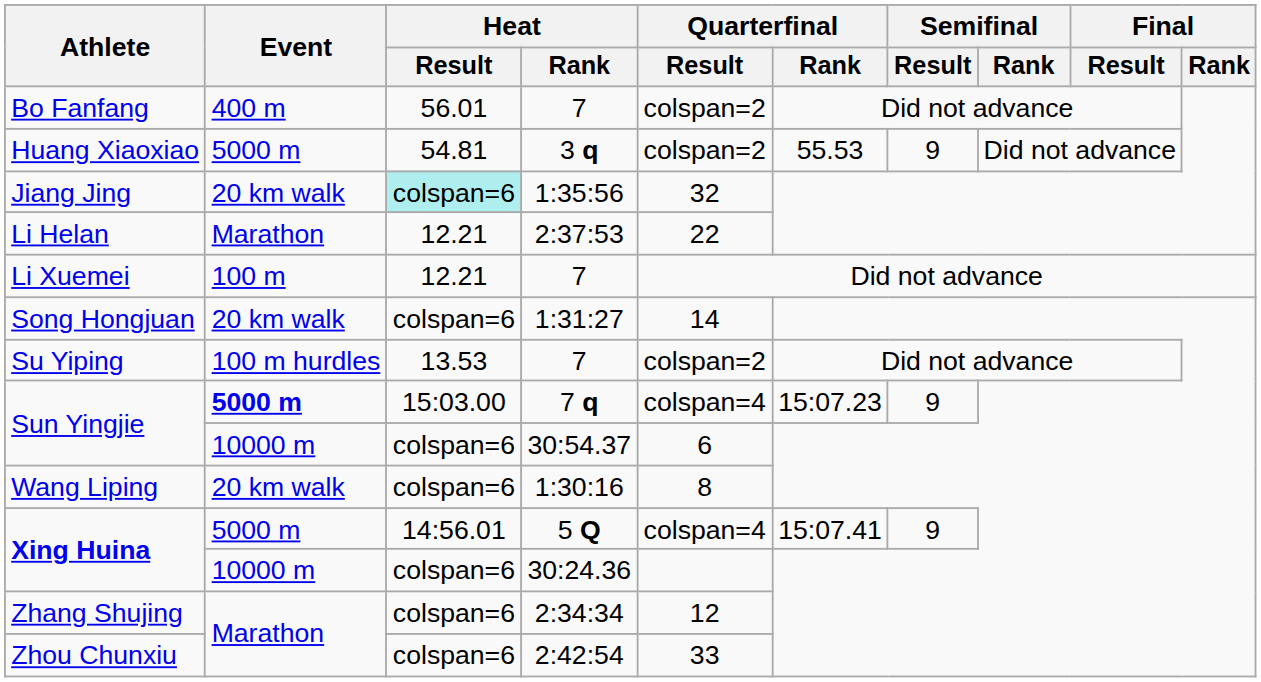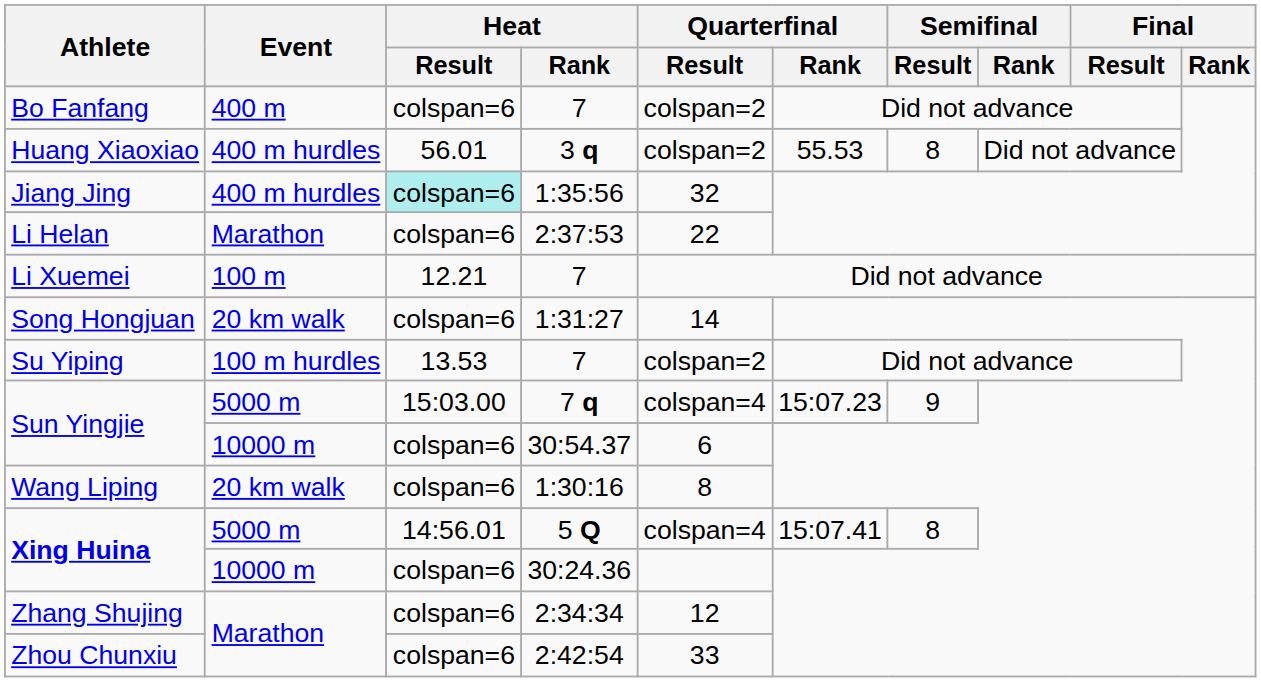 <table class=wikitable style="font-size:90%">
 <tr>
 <th rowspan="2">Athlete</th>
 <th rowspan="2">Event</th>
 <th colspan="2">Heat</th>
 <th colspan="2">Quarterfinal</th>
 <th colspan="2">Semifinal</th>
 <th colspan="2">Final</th>
 </tr>
 <tr style="font-size:95%">
 <th>Result</th>
 <th>Rank</th>
 <th>Result</th>
 <th>Rank</th>
 <th>Result</th>
 <th>Rank</th>
 <th>Result</th>
 <th>Rank</th>
 </tr>
 <tr align=center>
 <td align=left><a href='#'>Bo Fanfang</a></td>
 <td align=left><a href='#'>400 m</a></td>
-<td>56.01</td>
+<td>colspan=6 </td>
 <td>7</td>
 <td>colspan=2 </td>
 <td colspan=4>Did not advance</td>
 </tr>
 <tr align=center>
 <td align=left><a href='#'>Huang Xiaoxiao</a></td>
-<td align=left><a href='#'>5000 m</a></td>
-<td>54.81</td>
+<td align=left><a href='#'>400 m hurdles</a></td>
+<td>56.01</td>
 <td>3 <strong>q</strong></td>
 <td>colspan=2 </td>
 <td>55.53</td>
-<td>9</td>
+<td>8</td>
 <td colspan=2>Did not advance</td>
 </tr>
 <tr align=center>
 <td align=left><a href='#'>Jiang Jing</a></td>
-<td align=left><a href='#'>20 km walk</a></td>
+<td align=left><a href='#'>400 m hurdles</a></td>
 <td style="background: paleturquoise;">colspan=6 </td>
 <td>1:35:56</td>
 <td>32</td>
 </tr>
 <tr align=center>
 <td align=left><a href='#'>Li Helan</a></td>
 <td align=left><a href='#'>Marathon</a></td>
-<td>12.21</td>
+<td>colspan=6 </td>
 <td>2:37:53</td>
 <td>22</td>
 </tr>
 <tr align=center>
 <td align=left><a href='#'>Li Xuemei</a></td>
 <td align=left><a href='#'>100 m</a></td>
 <td>12.21</td>
 <td>7</td>
 <td colspan=6>Did not advance</td>
 </tr>
 <tr align=center>
 <td align=left><a href='#'>Song Hongjuan</a></td>
 <td align=left><a href='#'>20 km walk</a></td>
 <td>colspan=6 </td>
 <td>1:31:27</td>
 <td>14</td>
 </tr>
 <tr align=center>
 <td align=left><a href='#'>Su Yiping</a></td>
 <td align=left><a href='#'>100 m hurdles</a></td>
 <td>13.53</td>
 <td>7</td>
 <td>colspan=2 </td>
 <td colspan=4>Did not advance</td>
 </tr>
 <tr align=center>
 <td style="text-align:left;" rowspan="2"><a href='#'>Sun Yingjie</a></td>
-<td align=left><strong><a href='#'>5000 m</a></strong></td>
+<td align=left><a href='#'>5000 m</a></td>
 <td>15:03.00</td>
 <td>7 <strong>q</strong></td>
 <td>colspan=4 </td>
 <td>15:07.23</td>
 <td>9</td>
 </tr>
 <tr align=center>
 <td align=left><a href='#'>10000 m</a></td>
 <td>colspan=6 </td>
 <td>30:54.37</td>
 <td>6</td>
 </tr>
 <tr align=center>
 <td align=left><a href='#'>Wang Liping</a></td>
 <td align=left><a href='#'>20 km walk</a></td>
 <td>colspan=6 </td>
 <td>1:30:16</td>
 <td>8</td>
 </tr>
 <tr align=center>
 <td style="text-align:left;" rowspan="2"><strong><a href='#'>Xing Huina</a></strong></td>
 <td align=left><a href='#'>5000 m</a></td>
 <td>14:56.01</td>
 <td>5 <strong>Q</strong></td>
 <td>colspan=4 </td>
 <td>15:07.41</td>
-<td>9</td>
+<td>8</td>
 </tr>
 <tr align=center>
 <td align=left><a href='#'>10000 m</a></td>
 <td>colspan=6 </td>
 <td>30:24.36</td>
 <td></td>
 </tr>
 <tr align=center>
 <td align=left><a href='#'>Zhang Shujing</a></td>
 <td style="text-align:left;" rowspan="2"><a href='#'>Marathon</a></td>
 <td>colspan=6 </td>
 <td>2:34:34</td>
 <td>12</td>
 </tr>
 <tr align=center>
 <td align=left><a href='#'>Zhou Chunxiu</a></td>
 <td>colspan=6 </td>
 <td>2:42:54</td>
 <td>33</td>
 </tr>
 </table>
